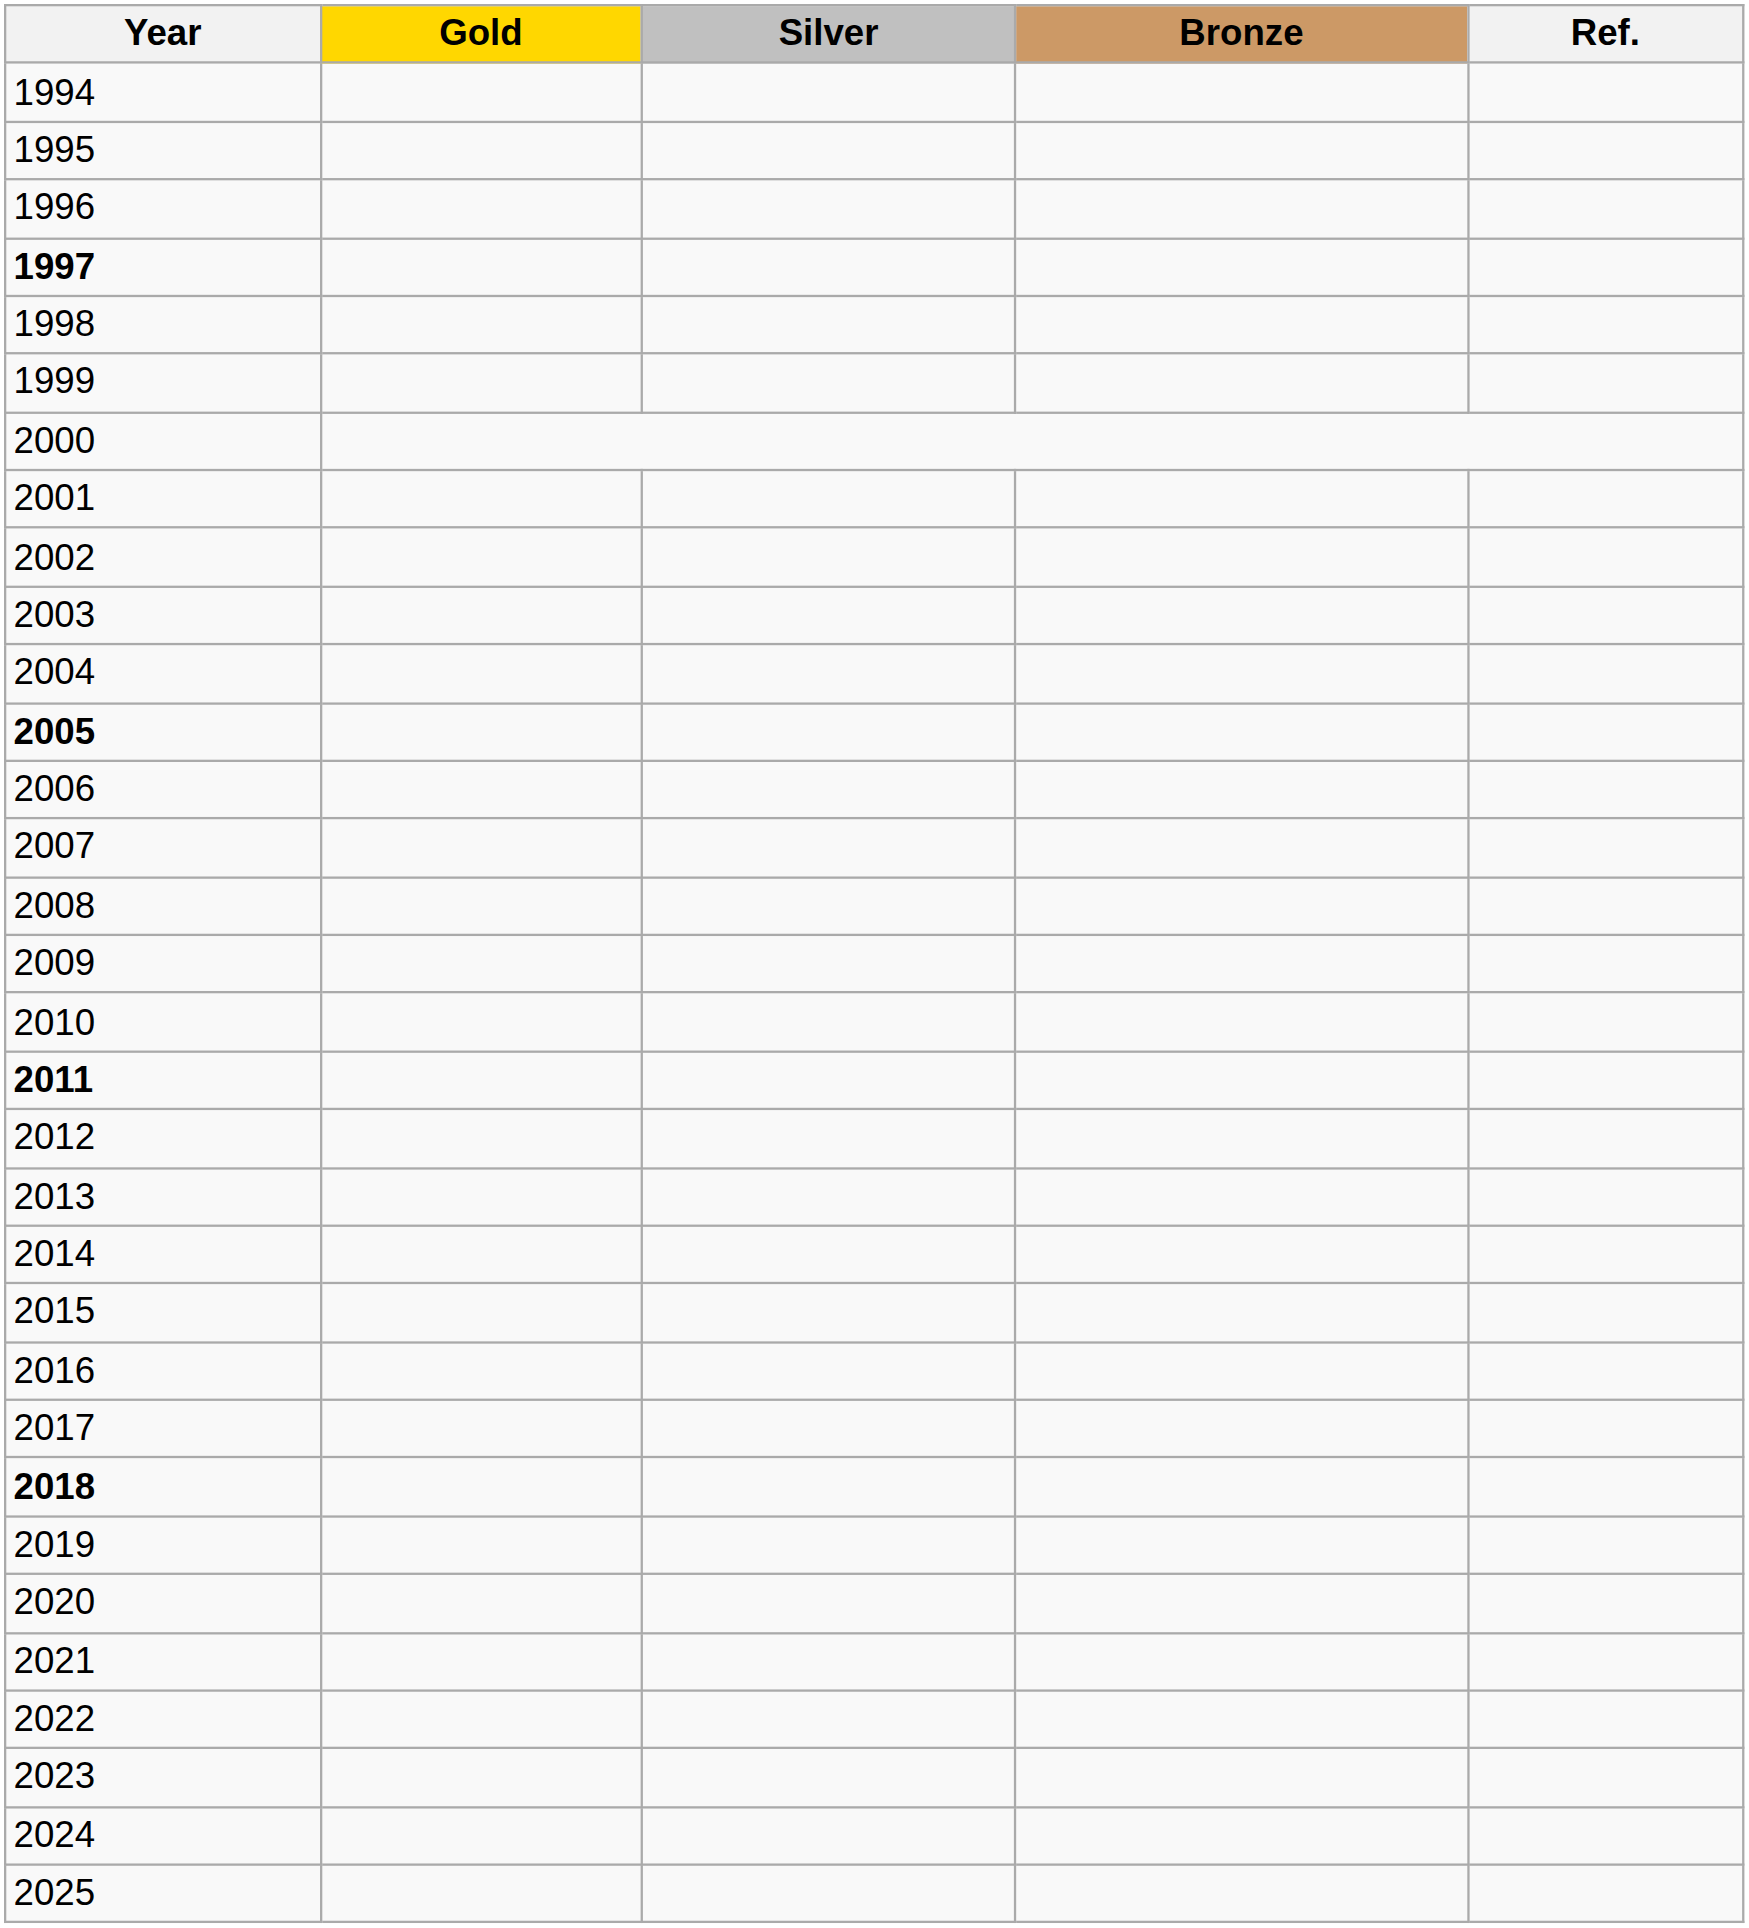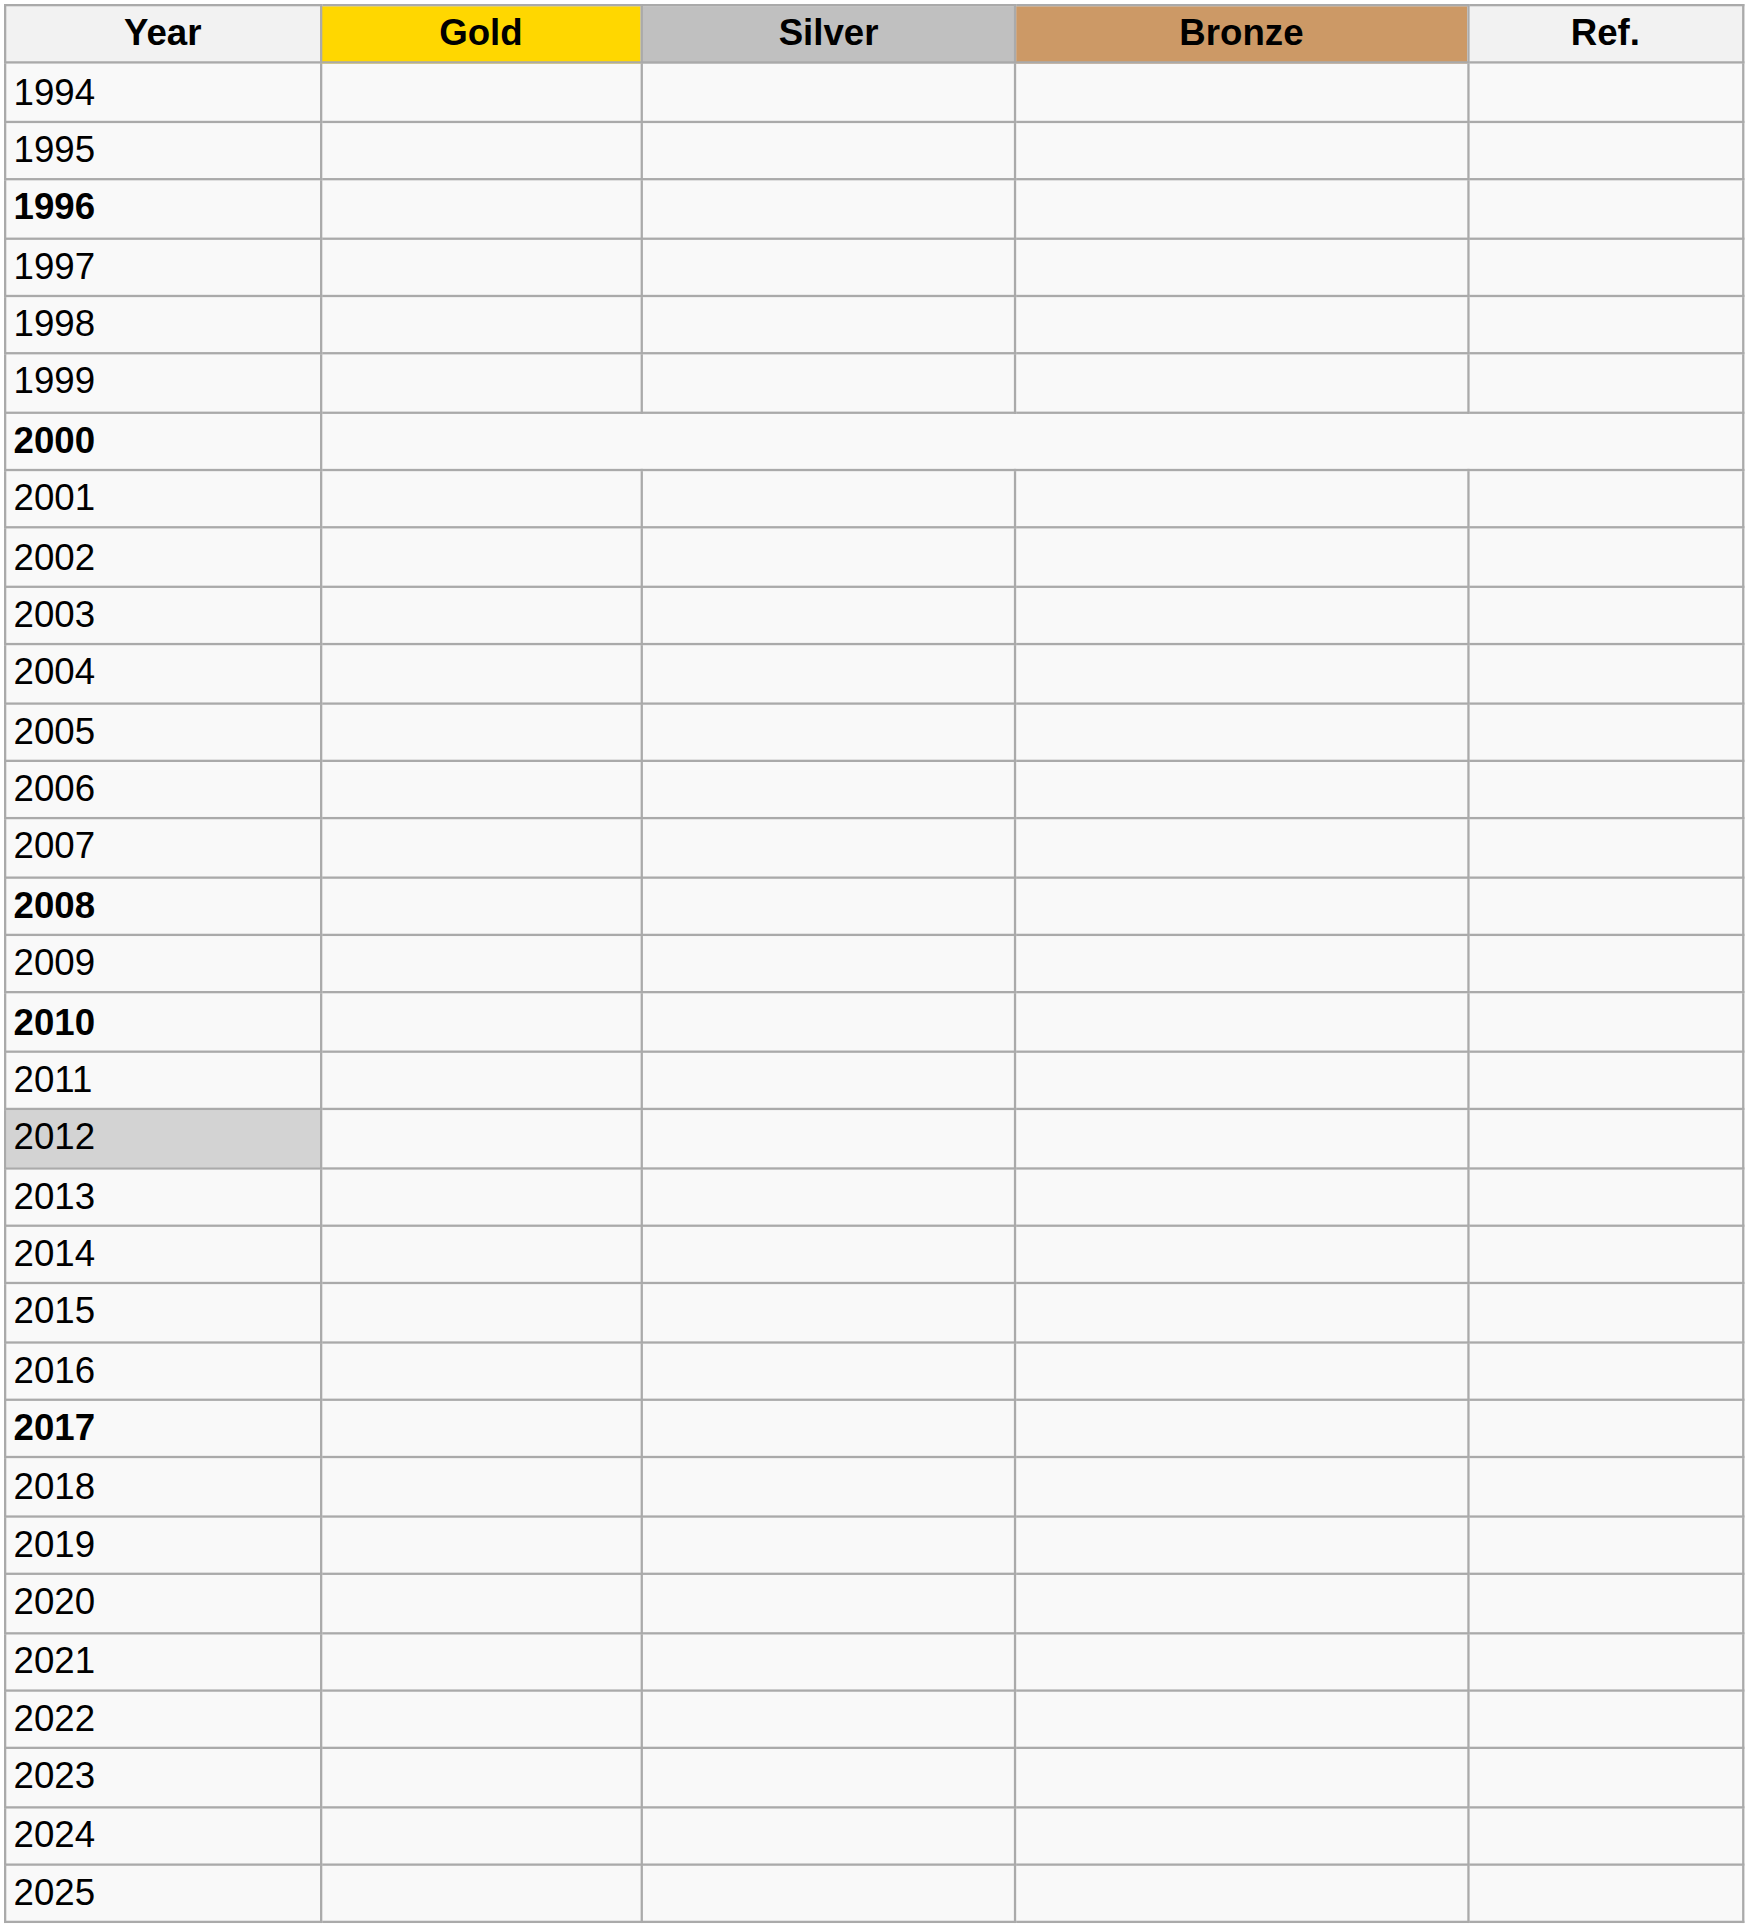 <table class="wikitable sortable" style="width: 760px;">
 <tr>
 <th scope=col>Year</th>
 <th scope=col style="background-color:Gold">Gold</th>
 <th scope=col style="background-color:Silver">Silver</th>
 <th scope=col style="background-color:#cc9966">Bronze</th>
 <th class=unsortable>Ref.</th>
 </tr>
 <tr>
 <td>1994</td>
 <td></td>
 <td></td>
 <td></td>
 <td></td>
 </tr>
 <tr>
 <td>1995</td>
 <td></td>
 <td></td>
 <td></td>
 <td></td>
 </tr>
 <tr>
-<td>1996</td>
+<td><strong>1996</strong></td>
 <td></td>
 <td></td>
 <td></td>
 <td></td>
 </tr>
 <tr>
-<td><strong>1997</strong></td>
+<td>1997</td>
 <td></td>
 <td></td>
 <td></td>
 <td></td>
 </tr>
 <tr>
 <td>1998</td>
 <td></td>
 <td></td>
 <td></td>
 <td></td>
 </tr>
 <tr>
 <td>1999</td>
 <td></td>
 <td></td>
 <td></td>
 <td></td>
 </tr>
 <tr>
-<td>2000</td>
+<td><strong>2000</strong></td>
 <td colspan=4 align=center></td>
 </tr>
 <tr>
 <td>2001</td>
 <td></td>
 <td></td>
 <td></td>
 <td></td>
 </tr>
 <tr>
 <td>2002</td>
 <td></td>
 <td></td>
 <td></td>
 <td></td>
 </tr>
 <tr>
 <td>2003</td>
 <td></td>
 <td></td>
 <td></td>
 <td></td>
 </tr>
 <tr>
 <td>2004</td>
 <td></td>
 <td></td>
 <td></td>
 <td></td>
 </tr>
 <tr>
-<td><strong>2005</strong></td>
+<td>2005</td>
 <td></td>
 <td></td>
 <td></td>
 <td></td>
 </tr>
 <tr>
 <td>2006</td>
 <td></td>
 <td></td>
 <td></td>
 <td></td>
 </tr>
 <tr>
 <td>2007</td>
 <td></td>
 <td></td>
 <td></td>
 <td></td>
 </tr>
 <tr>
-<td>2008</td>
+<td><strong>2008</strong></td>
 <td></td>
 <td></td>
 <td></td>
 <td></td>
 </tr>
 <tr>
 <td>2009</td>
 <td></td>
 <td></td>
 <td></td>
 <td></td>
 </tr>
 <tr>
-<td>2010</td>
+<td><strong>2010</strong></td>
 <td></td>
 <td></td>
 <td></td>
 <td></td>
 </tr>
 <tr>
-<td><strong>2011</strong></td>
+<td>2011</td>
 <td></td>
 <td></td>
 <td></td>
 <td></td>
 </tr>
 <tr>
-<td>2012</td>
+<td style="background: lightgrey;">2012</td>
 <td></td>
 <td></td>
 <td></td>
 <td></td>
 </tr>
 <tr>
 <td>2013</td>
 <td></td>
 <td></td>
 <td></td>
 <td></td>
 </tr>
 <tr>
 <td>2014</td>
 <td></td>
 <td></td>
 <td></td>
 <td></td>
 </tr>
 <tr>
 <td>2015</td>
 <td></td>
 <td></td>
 <td></td>
 <td></td>
 </tr>
 <tr>
 <td>2016</td>
 <td></td>
 <td></td>
 <td></td>
 <td></td>
 </tr>
 <tr>
-<td>2017</td>
+<td><strong>2017</strong></td>
 <td></td>
 <td></td>
 <td></td>
 <td></td>
 </tr>
 <tr>
-<td><strong>2018</strong></td>
+<td>2018</td>
 <td></td>
 <td></td>
 <td></td>
 <td></td>
 </tr>
 <tr>
 <td>2019</td>
 <td></td>
 <td></td>
 <td></td>
 <td></td>
 </tr>
 <tr>
 <td>2020</td>
 <td></td>
 <td></td>
 <td></td>
 <td></td>
 </tr>
 <tr>
 <td>2021</td>
 <td></td>
 <td></td>
 <td></td>
 <td></td>
 </tr>
 <tr>
 <td>2022</td>
 <td></td>
 <td></td>
 <td></td>
 <td></td>
 </tr>
 <tr>
 <td>2023</td>
 <td></td>
 <td></td>
 <td></td>
 <td></td>
 </tr>
 <tr>
 <td>2024</td>
 <td></td>
 <td></td>
 <td></td>
 <td></td>
 </tr>
 <tr>
 <td>2025</td>
 <td></td>
 <td></td>
 <td></td>
 <td></td>
 </tr>
 </table>
